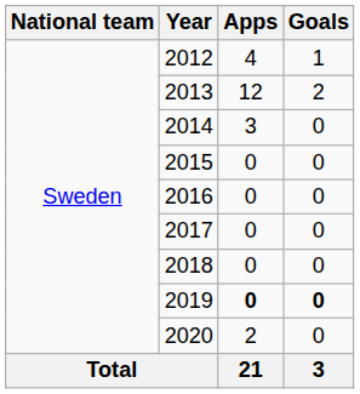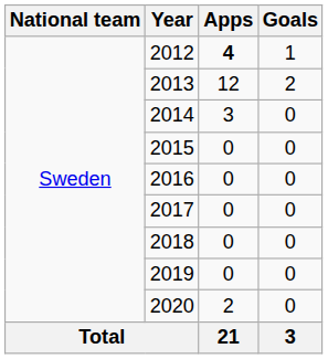 <table class="wikitable" style="text-align:center">
 <tr>
 <th>National team</th>
 <th>Year</th>
 <th>Apps</th>
 <th>Goals</th>
 </tr>
 <tr>
 <td rowspan="9"><a href='#'>Sweden</a></td>
 <td>2012</td>
-<td>4</td>
+<td><strong>4</strong></td>
 <td>1</td>
 </tr>
 <tr>
 <td>2013</td>
 <td>12</td>
 <td>2</td>
 </tr>
 <tr>
 <td>2014</td>
 <td>3</td>
 <td>0</td>
 </tr>
 <tr>
 <td>2015</td>
 <td>0</td>
 <td>0</td>
 </tr>
 <tr>
 <td>2016</td>
 <td>0</td>
 <td>0</td>
 </tr>
 <tr>
 <td>2017</td>
 <td>0</td>
 <td>0</td>
 </tr>
 <tr>
 <td>2018</td>
 <td>0</td>
 <td>0</td>
 </tr>
 <tr>
 <td>2019</td>
-<td><strong>0</strong></td>
-<td><strong>0</strong></td>
+<td>0</td>
+<td>0</td>
 </tr>
 <tr>
 <td>2020</td>
 <td>2</td>
 <td>0</td>
 </tr>
 <tr>
 <th colspan="2">Total</th>
 <th>21</th>
 <th>3</th>
 </tr>
 </table>
